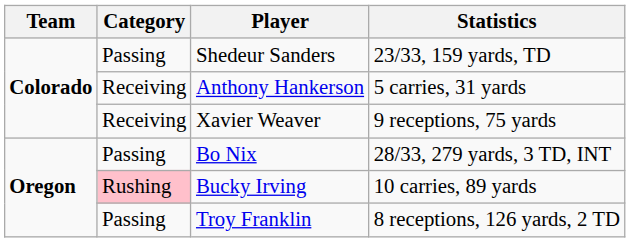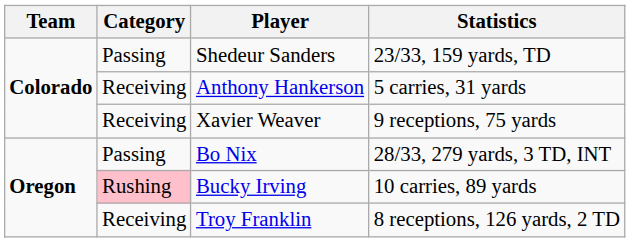 <table class="wikitable" style="float: right;">
 <tr>
 <th>Team</th>
 <th>Category</th>
 <th>Player</th>
 <th>Statistics</th>
 </tr>
 <tr>
 <td rowspan=3><strong>Colorado</strong></td>
 <td>Passing</td>
 <td>Shedeur Sanders</td>
 <td>23/33, 159 yards, TD</td>
 </tr>
 <tr>
 <td>Receiving</td>
 <td><a href='#'>Anthony Hankerson</a></td>
 <td>5 carries, 31 yards</td>
 </tr>
 <tr>
 <td>Receiving</td>
 <td>Xavier Weaver</td>
 <td>9 receptions, 75 yards</td>
 </tr>
 <tr>
 <td rowspan=3><strong>Oregon</strong></td>
 <td>Passing</td>
 <td><a href='#'>Bo Nix</a></td>
 <td>28/33, 279 yards, 3 TD, INT</td>
 </tr>
 <tr>
 <td style="background: pink;">Rushing</td>
 <td><a href='#'>Bucky Irving</a></td>
 <td>10 carries, 89 yards</td>
 </tr>
 <tr>
-<td>Passing</td>
+<td>Receiving</td>
 <td><a href='#'>Troy Franklin</a></td>
 <td>8 receptions, 126 yards, 2 TD</td>
 </tr>
 </table>
